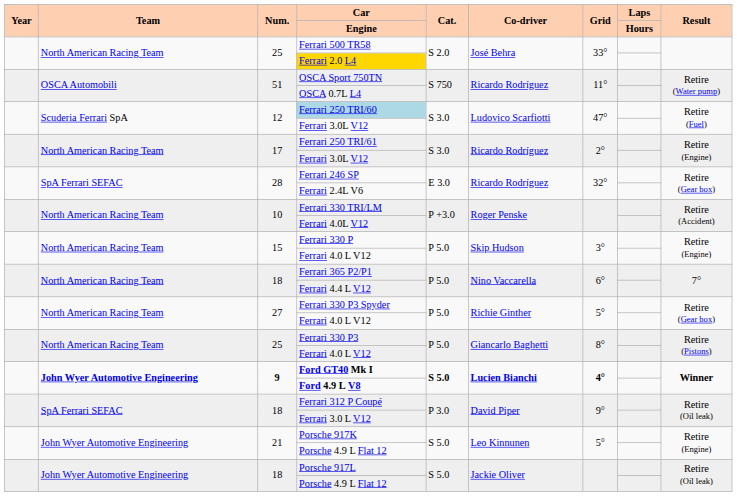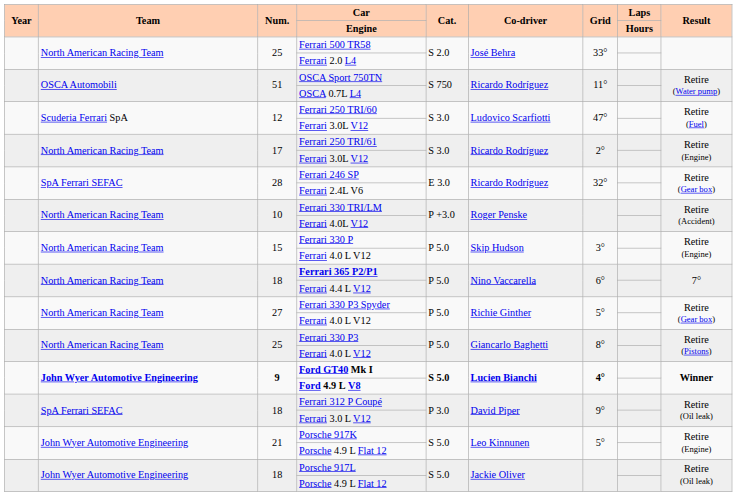 <table class="wikitable centre" width=90%>
 <tr align=center>
 <th scope=col rowspan="2" style="background:#FFCFB2;">Year</th>
 <th scope=col rowspan="2" style="background:#FFCFB2;">Team</th>
 <th scope=col rowspan="2" style="background:#FFCFB2;">Num.</th>
 <th scope=col style="background:#FFCFB2;">Car</th>
 <th scope=col rowspan="2" style="background:#FFCFB2;">Cat.</th>
 <th scope=col rowspan="2" style="background:#FFCFB2;">Co-driver</th>
 <th scope=col rowspan="2" style="background:#FFCFB2;">Grid</th>
 <th scope=col style="background:#FFCFB2;">Laps</th>
 <th scope=col rowspan="2" style="background:#FFCFB2;">Result</th>
 </tr>
 <tr>
 <th scope=col style="background:#FFCFB2;">Engine</th>
 <th scope=col style="background:#FFCFB2;">Hours</th>
 </tr>
 <tr align=left>
 <td rowspan="2"></td>
 <td rowspan="2"> <a href='#'>North American Racing Team</a></td>
 <td rowspan="2" style="text-align:center;">25</td>
 <td><a href='#'>Ferrari 500 TR58</a></td>
 <td rowspan="2">S 2.0</td>
 <td rowspan="2"> <a href='#'>José Behra</a></td>
 <td rowspan="2" style="text-align:center;">33°</td>
 <td></td>
 <td rowspan="2"></td>
 </tr>
 <tr align=left>
-<td style="background: gold;"><a href='#'>Ferrari</a> 2.0 <a href='#'>L4</a></td>
+<td><a href='#'>Ferrari</a> 2.0 <a href='#'>L4</a></td>
 <td></td>
 </tr>
 <tr align=left style="background:#EFEFEF;">
 <td rowspan="2"></td>
 <td rowspan="2"> <a href='#'>OSCA Automobili</a></td>
 <td rowspan="2" style="text-align:center;">51</td>
 <td><a href='#'>OSCA Sport 750TN</a></td>
 <td rowspan="2">S 750</td>
 <td rowspan="2"> <a href='#'>Ricardo Rodríguez</a></td>
 <td rowspan="2" style="text-align:center;">11°</td>
 <td></td>
 <td rowspan="2" style="text-align:center;">Retire<br><small>(<a href='#'>Water pump</a>)</small></td>
 </tr>
 <tr align=left style="background:#EFEFEF;">
 <td><a href='#'>OSCA</a> 0.7L <a href='#'>L4</a></td>
 <td></td>
 </tr>
 <tr align=left>
 <td rowspan="2"></td>
 <td rowspan="2"> <a href='#'>Scuderia Ferrari</a> SpA</td>
 <td rowspan="2" style="text-align:center;">12</td>
-<td style="background: lightblue;"><a href='#'>Ferrari 250 TRI/60</a></td>
+<td><a href='#'>Ferrari 250 TRI/60</a></td>
 <td rowspan="2">S 3.0</td>
 <td rowspan="2"> <a href='#'>Ludovico Scarfiotti</a></td>
 <td rowspan="2" style="text-align:center;">47°</td>
 <td></td>
 <td rowspan="2" style="text-align:center;">Retire<br><small>(<a href='#'>Fuel</a>)</small></td>
 </tr>
 <tr align=left>
 <td><a href='#'>Ferrari</a> 3.0L <a href='#'>V12</a></td>
 <td></td>
 </tr>
 <tr align=left style="background:#EFEFEF;">
 <td rowspan="2"></td>
 <td rowspan="2"> <a href='#'>North American Racing Team</a></td>
 <td rowspan="2" style="text-align:center;">17</td>
 <td><a href='#'>Ferrari 250 TRI/61</a></td>
 <td rowspan="2">S 3.0</td>
 <td rowspan="2"> <a href='#'>Ricardo Rodríguez</a></td>
 <td rowspan="2" style="text-align:center;">2°</td>
 <td></td>
 <td rowspan="2" style="text-align:center;">Retire<br><small>(Engine)</small></td>
 </tr>
 <tr align=left style="background:#EFEFEF;">
 <td><a href='#'>Ferrari</a> 3.0L <a href='#'>V12</a></td>
 <td></td>
 </tr>
 <tr align=left>
 <td rowspan="2"></td>
 <td rowspan="2"> <a href='#'>SpA Ferrari SEFAC</a></td>
 <td rowspan="2" style="text-align:center;">28</td>
 <td><a href='#'>Ferrari 246 SP</a></td>
 <td rowspan="2">E 3.0</td>
 <td rowspan="2"> <a href='#'>Ricardo Rodríguez</a></td>
 <td rowspan="2" style="text-align:center;">32°</td>
 <td></td>
 <td rowspan="2" style="text-align:center;">Retire<br><small>(<a href='#'>Gear box</a>)</small></td>
 </tr>
 <tr align=left>
 <td><a href='#'>Ferrari</a> 2.4L V6</td>
 <td></td>
 </tr>
 <tr align=left style="background:#EFEFEF;">
 <td rowspan="2"></td>
 <td rowspan="2"> <a href='#'>North American Racing Team</a></td>
 <td rowspan="2" style="text-align:center;">10</td>
 <td><a href='#'>Ferrari 330 TRI/LM</a></td>
 <td rowspan="2">P +3.0</td>
 <td rowspan="2"> <a href='#'>Roger Penske</a></td>
 <td rowspan="2"></td>
 <td></td>
 <td rowspan="2" style="text-align:center;">Retire<br><small>(Accident)</small></td>
 </tr>
 <tr align=left style="background:#EFEFEF;">
 <td><a href='#'>Ferrari</a> 4.0L <a href='#'>V12</a></td>
 <td></td>
 </tr>
 <tr align=left>
 <td rowspan="2"></td>
 <td rowspan="2"> <a href='#'>North American Racing Team</a></td>
 <td rowspan="2" style="text-align:center;">15</td>
 <td><a href='#'>Ferrari 330 P</a></td>
 <td rowspan="2">P 5.0</td>
 <td rowspan="2"> <a href='#'>Skip Hudson</a></td>
 <td rowspan="2" style="text-align:center;">3°</td>
 <td></td>
 <td rowspan="2" style="text-align:center;">Retire<br><small>(Engine)</small></td>
 </tr>
 <tr align=left>
 <td><a href='#'>Ferrari</a> 4.0 L V12</td>
 <td></td>
 </tr>
 <tr align=left style="background:#EFEFEF;">
 <td rowspan="2"></td>
 <td rowspan="2"> <a href='#'>North American Racing Team</a></td>
 <td rowspan="2" style="text-align:center;">18</td>
-<td><a href='#'>Ferrari 365 P2/P1</a></td>
+<td><strong><a href='#'>Ferrari 365 P2/P1</a></strong></td>
 <td rowspan="2">P 5.0</td>
 <td rowspan="2"> <a href='#'>Nino Vaccarella</a></td>
 <td rowspan="2" style="text-align:center;">6°</td>
 <td></td>
 <td rowspan="2" style="text-align:center;">7°</td>
 </tr>
 <tr align=left style="background:#EFEFEF;">
 <td><a href='#'>Ferrari</a> 4.4 L <a href='#'>V12</a></td>
 <td></td>
 </tr>
 <tr align=left>
 <td rowspan="2"></td>
 <td rowspan="2"> <a href='#'>North American Racing Team</a></td>
 <td rowspan="2" style="text-align:center;">27</td>
 <td><a href='#'>Ferrari 330 P3 Spyder</a></td>
 <td rowspan="2">P 5.0</td>
 <td rowspan="2"> <a href='#'>Richie Ginther</a></td>
 <td rowspan="2" style="text-align:center;">5°</td>
 <td></td>
 <td rowspan="2" style="text-align:center;">Retire<br><small>(<a href='#'>Gear box</a>)</small></td>
 </tr>
 <tr align=left>
 <td><a href='#'>Ferrari</a> 4.0 L V12</td>
 <td></td>
 </tr>
 <tr align=left style="background:#EFEFEF;">
 <td rowspan="2"></td>
 <td rowspan="2"> <a href='#'>North American Racing Team</a></td>
 <td rowspan="2" style="text-align:center;">25</td>
 <td><a href='#'>Ferrari 330 P3</a></td>
 <td rowspan="2">P 5.0</td>
 <td rowspan="2"> <a href='#'>Giancarlo Baghetti</a></td>
 <td rowspan="2" style="text-align:center;">8°</td>
 <td></td>
 <td rowspan="2" style="text-align:center;">Retire<br><small>(<a href='#'>Pistons</a>)</small></td>
 </tr>
 <tr align=left style="background:#EFEFEF;">
 <td><a href='#'>Ferrari</a> 4.0 L <a href='#'>V12</a></td>
 <td></td>
 </tr>
 <tr align=left>
 <td rowspan="2"></td>
 <td rowspan="2"> <strong><a href='#'>John Wyer Automotive Engineering</a></strong></td>
 <td rowspan="2" style="text-align:center;"><strong>9</strong></td>
 <td><strong><a href='#'>Ford GT40</a></strong> <strong>Mk I</strong></td>
 <td rowspan="2"><strong>S 5.0</strong></td>
 <td rowspan="2"> <strong><a href='#'>Lucien Bianchi</a></strong></td>
 <td rowspan="2" style="text-align:center;"><strong>4°</strong></td>
 <td></td>
 <td rowspan="2" style="text-align:center;"><strong>Winner</strong></td>
 </tr>
 <tr align=left>
 <td><strong><a href='#'>Ford</a></strong> <strong>4.9 L</strong> <strong><a href='#'>V8</a></strong></td>
 <td></td>
 </tr>
 <tr align=left style="background:#EFEFEF;">
 <td rowspan="2"></td>
 <td rowspan="2"> <a href='#'>SpA Ferrari SEFAC</a></td>
 <td rowspan="2" style="text-align:center;">18</td>
 <td><a href='#'>Ferrari 312 P Coupé</a></td>
 <td rowspan="2">P 3.0</td>
 <td rowspan="2"> <a href='#'>David Piper</a></td>
 <td rowspan="2" style="text-align:center;">9°</td>
 <td></td>
 <td rowspan="2" style="text-align:center;">Retire<br><small>(Oil leak)</small></td>
 </tr>
 <tr align=left style="background:#EFEFEF;">
 <td><a href='#'>Ferrari</a> 3.0 L <a href='#'>V12</a></td>
 <td></td>
 </tr>
 <tr align=left>
 <td rowspan="2"></td>
 <td rowspan="2"> <a href='#'>John Wyer Automotive Engineering</a></td>
 <td rowspan="2" style="text-align:center;">21</td>
 <td><a href='#'>Porsche 917K</a></td>
 <td rowspan="2">S 5.0</td>
 <td rowspan="2"> <a href='#'>Leo Kinnunen</a></td>
 <td rowspan="2" style="text-align:center;">5°</td>
 <td></td>
 <td rowspan="2" style="text-align:center;">Retire<br><small>(Engine)</small></td>
 </tr>
 <tr align=left>
 <td><a href='#'>Porsche</a> 4.9 L <a href='#'>Flat 12</a></td>
 <td></td>
 </tr>
 <tr align=left style="background:#EFEFEF;">
 <td rowspan="2"></td>
 <td rowspan="2"> <a href='#'>John Wyer Automotive Engineering</a></td>
 <td rowspan="2" style="text-align:center;">18</td>
 <td><a href='#'>Porsche 917L</a></td>
 <td rowspan="2">S 5.0</td>
 <td rowspan="2"> <a href='#'>Jackie Oliver</a></td>
 <td rowspan="2"></td>
 <td></td>
 <td rowspan="2" style="text-align:center;">Retire<br><small>(Oil leak)</small></td>
 </tr>
 <tr align=left style="background:#EFEFEF;">
 <td><a href='#'>Porsche</a> 4.9 L <a href='#'>Flat 12</a></td>
 <td></td>
 </tr>
 </table>
